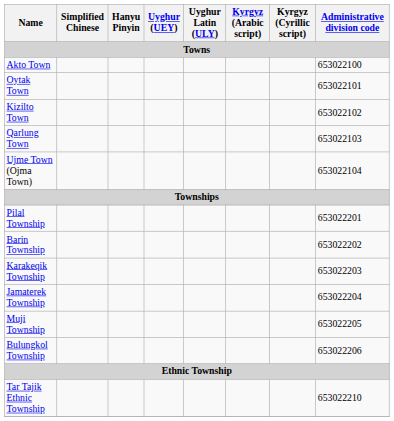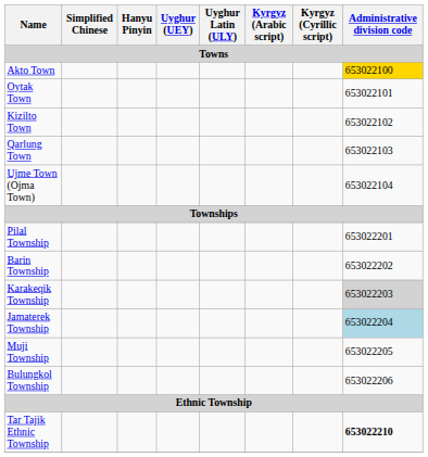 <table class="wikitable" align="center" style="width:50%; border="1">
 <tr>
 <th>Name</th>
 <th>Simplified Chinese</th>
 <th>Hanyu Pinyin</th>
 <th><a href='#'>Uyghur</a> (<a href='#'>UEY</a>)</th>
 <th>Uyghur Latin (<a href='#'>ULY</a>)</th>
 <th><a href='#'>Kyrgyz</a> (Arabic script)</th>
 <th>Kyrgyz (Cyrillic script)</th>
 <th><a href='#'>Administrative division code</a></th>
 </tr>
 <tr>
 <td colspan="9"  style="text-align:center; background:#d3d3d3;"><strong>Towns</strong></td>
 </tr>
 <tr --------->
 <td><a href='#'>Akto Town</a></td>
 <td></td>
 <td></td>
 <td></td>
 <td></td>
 <td></td>
 <td></td>
-<td>653022100</td>
+<td style="background: gold;">653022100</td>
 </tr>
 <tr>
 <td><a href='#'>Oytak Town</a></td>
 <td></td>
 <td></td>
 <td></td>
 <td></td>
 <td></td>
 <td></td>
 <td>653022101</td>
 </tr>
 <tr>
 <td><a href='#'>Kizilto Town</a></td>
 <td></td>
 <td></td>
 <td></td>
 <td></td>
 <td></td>
 <td></td>
 <td>653022102</td>
 </tr>
 <tr>
 <td><a href='#'>Qarlung Town</a></td>
 <td></td>
 <td></td>
 <td></td>
 <td></td>
 <td></td>
 <td></td>
 <td>653022103</td>
 </tr>
 <tr>
 <td><a href='#'>Ujme Town</a><br>(Ojma Town)</td>
 <td></td>
 <td></td>
 <td></td>
 <td></td>
 <td></td>
 <td></td>
 <td>653022104</td>
 </tr>
 <tr>
 <td colspan="9"  style="text-align:center; background:#d3d3d3;"><strong>Townships</strong></td>
 </tr>
 <tr --------->
 <td><a href='#'>Pilal Township</a></td>
 <td></td>
 <td></td>
 <td></td>
 <td></td>
 <td></td>
 <td></td>
 <td>653022201</td>
 </tr>
 <tr>
 <td><a href='#'>Barin Township</a></td>
 <td></td>
 <td></td>
 <td></td>
 <td></td>
 <td></td>
 <td></td>
 <td>653022202</td>
 </tr>
 <tr>
 <td><a href='#'>Karakeqik Township</a></td>
 <td></td>
 <td></td>
 <td></td>
 <td></td>
 <td></td>
 <td></td>
-<td>653022203</td>
+<td style="background: lightgrey;">653022203</td>
 </tr>
 <tr>
 <td><a href='#'>Jamaterek Township</a></td>
 <td></td>
 <td></td>
 <td></td>
 <td></td>
 <td></td>
 <td></td>
-<td>653022204</td>
+<td style="background: lightblue;">653022204</td>
 </tr>
 <tr>
 <td><a href='#'>Muji Township</a></td>
 <td></td>
 <td></td>
 <td></td>
 <td></td>
 <td></td>
 <td></td>
 <td>653022205</td>
 </tr>
 <tr>
 <td><a href='#'>Bulungkol Township</a></td>
 <td></td>
 <td></td>
 <td></td>
 <td></td>
 <td></td>
 <td></td>
 <td>653022206</td>
 </tr>
 <tr>
 <td colspan="9"  style="text-align:center; background:#d3d3d3;"><strong>Ethnic Township</strong></td>
 </tr>
 <tr --------->
 <td><a href='#'>Tar Tajik Ethnic Township</a></td>
 <td></td>
 <td></td>
 <td></td>
 <td></td>
 <td></td>
 <td></td>
-<td>653022210</td>
+<td><strong>653022210</strong></td>
 </tr>
 <tr>
 </tr>
 </table>
